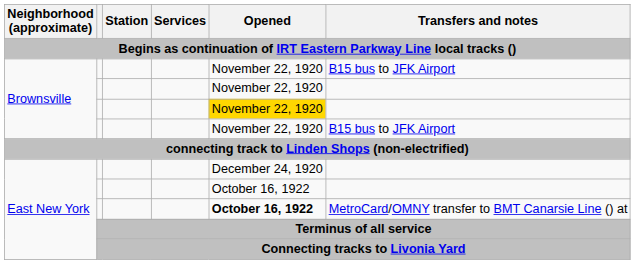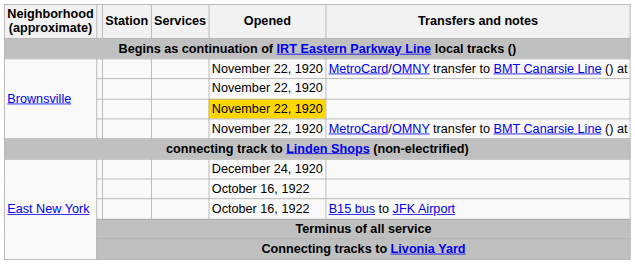 <table class="wikitable">
 <tr>
 <th>Neighborhood<br>(approximate)</th>
 <th></th>
 <th>Station</th>
 <th>Services</th>
 <th>Opened</th>
 <th>Transfers and notes</th>
 </tr>
 <tr>
 <th colspan=6 style="background-color: silver;">Begins as continuation of <a href='#'>IRT Eastern Parkway Line</a> local tracks ()</th>
 </tr>
 <tr>
 <td rowspan=4><a href='#'>Brownsville</a></td>
 <td></td>
 <td></td>
 <td></td>
 <td>November 22, 1920</td>
-<td><a href='#'>B15 bus</a> to <a href='#'>JFK Airport</a></td>
+<td><a href='#'>MetroCard</a>/<a href='#'>OMNY</a> transfer to <a href='#'>BMT Canarsie Line</a> () at </td>
 </tr>
 <tr>
 <td></td>
 <td></td>
 <td></td>
 <td>November 22, 1920</td>
 <td></td>
 </tr>
 <tr>
 <td></td>
 <td></td>
 <td></td>
 <td style="background: gold;">November 22, 1920</td>
 <td></td>
 </tr>
 <tr>
 <td></td>
 <td></td>
 <td></td>
 <td>November 22, 1920</td>
-<td><a href='#'>B15 bus</a> to <a href='#'>JFK Airport</a></td>
+<td><a href='#'>MetroCard</a>/<a href='#'>OMNY</a> transfer to <a href='#'>BMT Canarsie Line</a> () at </td>
 </tr>
 <tr>
 <th colspan=6 style="background-color: silver;">connecting track to <a href='#'>Linden Shops</a> (non-electrified)</th>
 </tr>
 <tr>
 <td rowspan=5><a href='#'>East New York</a></td>
 <td></td>
 <td></td>
 <td></td>
 <td>December 24, 1920</td>
 <td></td>
 </tr>
 <tr>
 <td></td>
 <td></td>
 <td></td>
 <td>October 16, 1922</td>
 <td></td>
 </tr>
 <tr>
 <td></td>
 <td></td>
 <td></td>
-<td><strong>October 16, 1922</strong></td>
-<td><a href='#'>MetroCard</a>/<a href='#'>OMNY</a> transfer to <a href='#'>BMT Canarsie Line</a> () at </td>
+<td>October 16, 1922</td>
+<td><a href='#'>B15 bus</a> to <a href='#'>JFK Airport</a></td>
 </tr>
 <tr>
 <th colspan=5 style="background-color: silver;">Terminus of all service</th>
 </tr>
 <tr>
 <th colspan=6 style="background-color: silver;">Connecting tracks to <a href='#'>Livonia Yard</a></th>
 </tr>
 </table>
